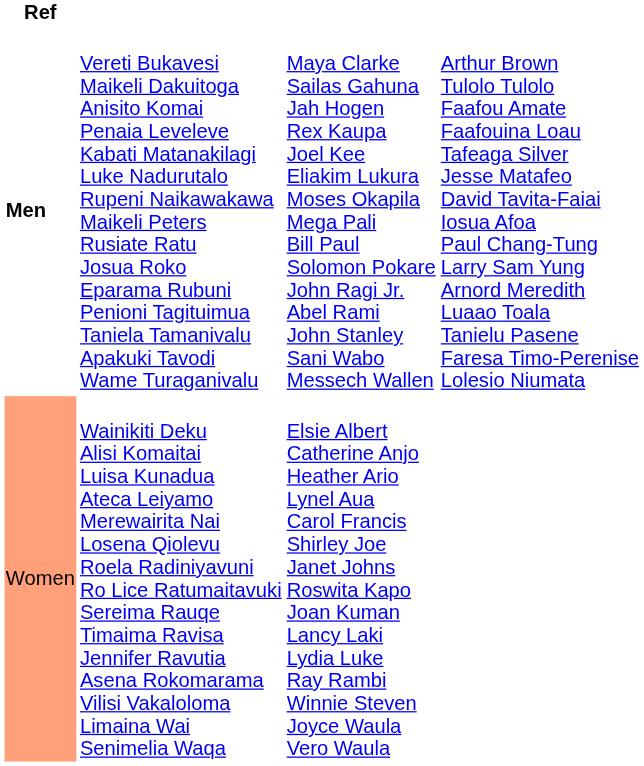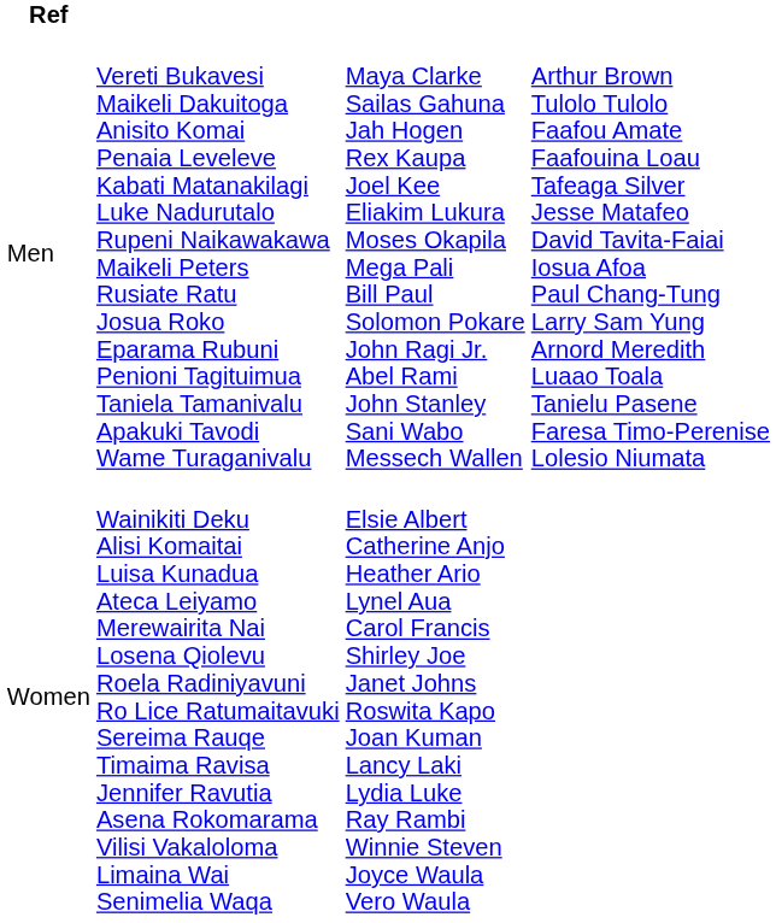 <table>
 <tr>
 <th>Ref</th>
 </tr>
 <tr>
-<td><strong>Men</strong></td>
+<td>Men</td>
 <td><br><a href='#'>Vereti Bukavesi</a><br><a href='#'>Maikeli Dakuitoga</a><br><a href='#'>Anisito Komai</a><br><a href='#'>Penaia Leveleve</a><br><a href='#'>Kabati Matanakilagi</a><br><a href='#'>Luke Nadurutalo</a><br><a href='#'>Rupeni Naikawakawa</a><br><a href='#'>Maikeli Peters</a><br><a href='#'>Rusiate Ratu</a><br><a href='#'>Josua Roko</a><br><a href='#'>Eparama Rubuni</a><br><a href='#'>Penioni Tagituimua</a><br><a href='#'>Taniela Tamanivalu</a><br><a href='#'>Apakuki Tavodi</a><br><a href='#'>Wame Turaganivalu</a></td>
 <td><br><a href='#'>Maya Clarke</a><br><a href='#'>Sailas Gahuna</a><br><a href='#'>Jah Hogen</a><br><a href='#'>Rex Kaupa</a><br><a href='#'>Joel Kee</a><br><a href='#'>Eliakim Lukura</a><br><a href='#'>Moses Okapila</a><br><a href='#'>Mega Pali</a><br><a href='#'>Bill Paul</a><br><a href='#'>Solomon Pokare</a><br><a href='#'>John Ragi Jr.</a><br><a href='#'>Abel Rami</a><br><a href='#'>John Stanley</a><br><a href='#'>Sani Wabo</a><br><a href='#'>Messech Wallen</a></td>
 <td valign=top><br><a href='#'>Arthur Brown</a><br><a href='#'>Tulolo Tulolo</a><br><a href='#'>Faafou Amate</a><br><a href='#'>Faafouina Loau</a><br><a href='#'>Tafeaga Silver</a><br><a href='#'>Jesse Matafeo</a><br><a href='#'>David Tavita-Faiai</a><br><a href='#'>Iosua Afoa</a><br><a href='#'>Paul Chang-Tung</a><br><a href='#'>Larry Sam Yung</a><br><a href='#'>Arnord Meredith</a><br><a href='#'>Luaao Toala</a><br><a href='#'>Tanielu Pasene</a><br><a href='#'>Faresa Timo-Perenise</a><br><a href='#'>Lolesio Niumata</a></td>
 <td align=center></td>
 </tr>
 <tr>
-<td style="background: lightsalmon;">Women</td>
+<td>Women</td>
 <td><br><a href='#'>Wainikiti Deku</a><br><a href='#'>Alisi Komaitai</a><br><a href='#'>Luisa Kunadua</a><br><a href='#'>Ateca Leiyamo</a><br><a href='#'>Merewairita Nai</a><br><a href='#'>Losena Qiolevu</a><br><a href='#'>Roela Radiniyavuni</a><br><a href='#'>Ro Lice Ratumaitavuki</a><br><a href='#'>Sereima Rauqe</a><br><a href='#'>Timaima Ravisa</a><br><a href='#'>Jennifer Ravutia</a><br><a href='#'>Asena Rokomarama</a><br><a href='#'>Vilisi Vakaloloma</a><br><a href='#'>Limaina Wai</a><br><a href='#'>Senimelia Waqa</a></td>
 <td><br><a href='#'>Elsie Albert</a><br><a href='#'>Catherine Anjo</a><br><a href='#'>Heather Ario</a><br><a href='#'>Lynel Aua</a><br><a href='#'>Carol Francis</a><br><a href='#'>Shirley Joe</a><br><a href='#'>Janet Johns</a><br><a href='#'>Roswita Kapo</a><br><a href='#'>Joan Kuman</a><br><a href='#'>Lancy Laki</a><br><a href='#'>Lydia Luke</a><br><a href='#'>Ray Rambi</a><br><a href='#'>Winnie Steven</a><br><a href='#'>Joyce Waula</a><br><a href='#'>Vero Waula</a></td>
 <td valign=top></td>
 <td align=center></td>
 </tr>
 </table>
